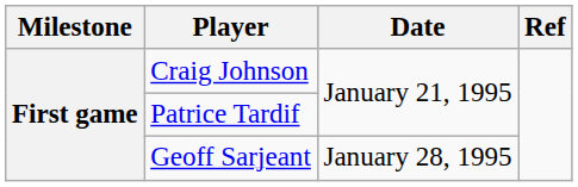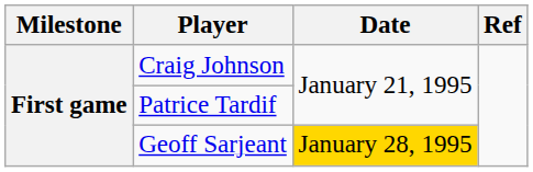 <table class="wikitable">
 <tr>
 <th scope="col">Milestone</th>
 <th scope="col">Player</th>
 <th scope="col">Date</th>
 <th scope="col">Ref</th>
 </tr>
 <tr>
 <th rowspan=3>First game</th>
 <td><a href='#'>Craig Johnson</a></td>
 <td rowspan=2>January 21, 1995</td>
 <td rowspan=3></td>
 </tr>
 <tr>
 <td><a href='#'>Patrice Tardif</a></td>
 </tr>
 <tr>
 <td><a href='#'>Geoff Sarjeant</a></td>
-<td>January 28, 1995</td>
+<td style="background: gold;">January 28, 1995</td>
 </tr>
 </table>
